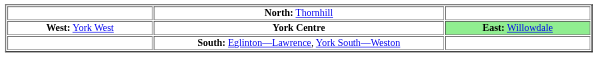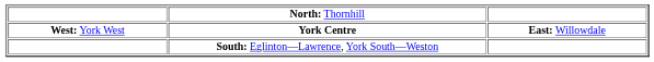 <table width="75%" border="2" align="center">
 <tr ---->
 <td width="25%" align="center"></td>
 <td width="50%" align="center"><strong>North:</strong> <a href='#'>Thornhill</a></td>
 <td width="25%" align="center"></td>
 </tr>
 <tr ---->
 <td align="center"><strong>West:</strong> <a href='#'>York West</a></td>
 <td align="center"><strong>York Centre</strong></td>
-<td align="center" style="background: lightgreen;"><strong>East:</strong> <a href='#'>Willowdale</a></td>
+<td align="center"><strong>East:</strong> <a href='#'>Willowdale</a></td>
 </tr>
 <tr ---->
 <td align="center"></td>
 <td align="center"><strong>South:</strong> <a href='#'>Eglinton—Lawrence</a>, <a href='#'>York South—Weston</a></td>
 <td align="center"></td>
 </tr>
 </table>
